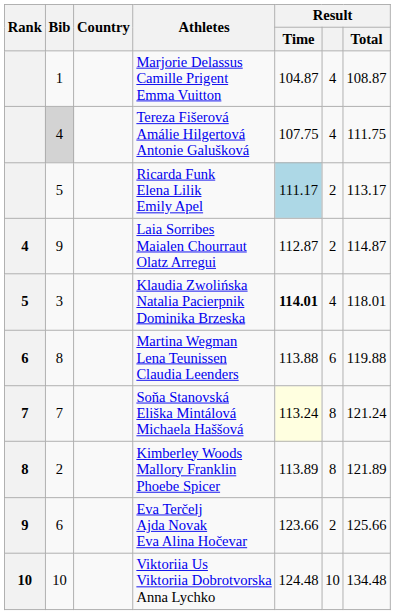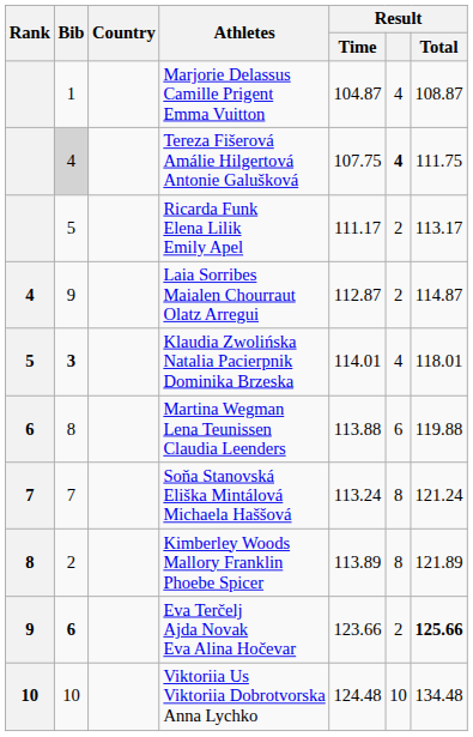 <table class="wikitable" style="text-align:center">
 <tr>
 <th rowspan=2>Rank</th>
 <th rowspan=2>Bib</th>
 <th rowspan=2>Country</th>
 <th rowspan=2>Athletes</th>
 <th colspan=3>Result</th>
 </tr>
 <tr>
 <th>Time</th>
 <th></th>
 <th>Total</th>
 </tr>
 <tr>
 <th></th>
 <td>1</td>
 <td align=left></td>
 <td align=left><a href='#'>Marjorie Delassus</a><br><a href='#'>Camille Prigent</a><br><a href='#'>Emma Vuitton</a></td>
 <td>104.87</td>
 <td>4</td>
 <td>108.87</td>
 </tr>
 <tr>
 <th></th>
 <td style="background: lightgrey;">4</td>
 <td align=left></td>
 <td align=left><a href='#'>Tereza Fišerová</a><br><a href='#'>Amálie Hilgertová</a><br><a href='#'>Antonie Galušková</a></td>
 <td>107.75</td>
-<td>4</td>
+<td><strong>4</strong></td>
 <td>111.75</td>
 </tr>
 <tr>
 <th></th>
 <td>5</td>
 <td align=left></td>
 <td align=left><a href='#'>Ricarda Funk</a><br><a href='#'>Elena Lilik</a><br><a href='#'>Emily Apel</a></td>
-<td style="background: lightblue;">111.17</td>
+<td>111.17</td>
 <td>2</td>
 <td>113.17</td>
 </tr>
 <tr>
 <th>4</th>
 <td>9</td>
 <td align=left></td>
 <td align=left><a href='#'>Laia Sorribes</a><br><a href='#'>Maialen Chourraut</a><br><a href='#'>Olatz Arregui</a></td>
 <td>112.87</td>
 <td>2</td>
 <td>114.87</td>
 </tr>
 <tr>
 <th>5</th>
-<td>3</td>
+<td><strong>3</strong></td>
 <td align=left></td>
 <td align=left><a href='#'>Klaudia Zwolińska</a><br><a href='#'>Natalia Pacierpnik</a><br><a href='#'>Dominika Brzeska</a></td>
-<td><strong>114.01</strong></td>
+<td>114.01</td>
 <td>4</td>
 <td>118.01</td>
 </tr>
 <tr>
 <th>6</th>
 <td>8</td>
 <td align=left></td>
 <td align=left><a href='#'>Martina Wegman</a><br><a href='#'>Lena Teunissen</a><br><a href='#'>Claudia Leenders</a></td>
 <td>113.88</td>
 <td>6</td>
 <td>119.88</td>
 </tr>
 <tr>
 <th>7</th>
 <td>7</td>
 <td align=left></td>
 <td align=left><a href='#'>Soňa Stanovská</a><br><a href='#'>Eliška Mintálová</a><br><a href='#'>Michaela Haššová</a></td>
-<td style="background: lightyellow;">113.24</td>
+<td>113.24</td>
 <td>8</td>
 <td>121.24</td>
 </tr>
 <tr>
 <th>8</th>
 <td>2</td>
 <td align=left></td>
 <td align=left><a href='#'>Kimberley Woods</a><br><a href='#'>Mallory Franklin</a><br><a href='#'>Phoebe Spicer</a></td>
 <td>113.89</td>
 <td>8</td>
 <td>121.89</td>
 </tr>
 <tr>
 <th>9</th>
-<td>6</td>
+<td><strong>6</strong></td>
 <td align=left></td>
 <td align=left><a href='#'>Eva Terčelj</a><br><a href='#'>Ajda Novak</a><br><a href='#'>Eva Alina Hočevar</a></td>
 <td>123.66</td>
 <td>2</td>
-<td>125.66</td>
+<td><strong>125.66</strong></td>
 </tr>
 <tr>
 <th>10</th>
 <td>10</td>
 <td align=left></td>
 <td align=left><a href='#'>Viktoriia Us</a><br><a href='#'>Viktoriia Dobrotvorska</a><br>Anna Lychko</td>
 <td>124.48</td>
 <td>10</td>
 <td>134.48</td>
 </tr>
 </table>
